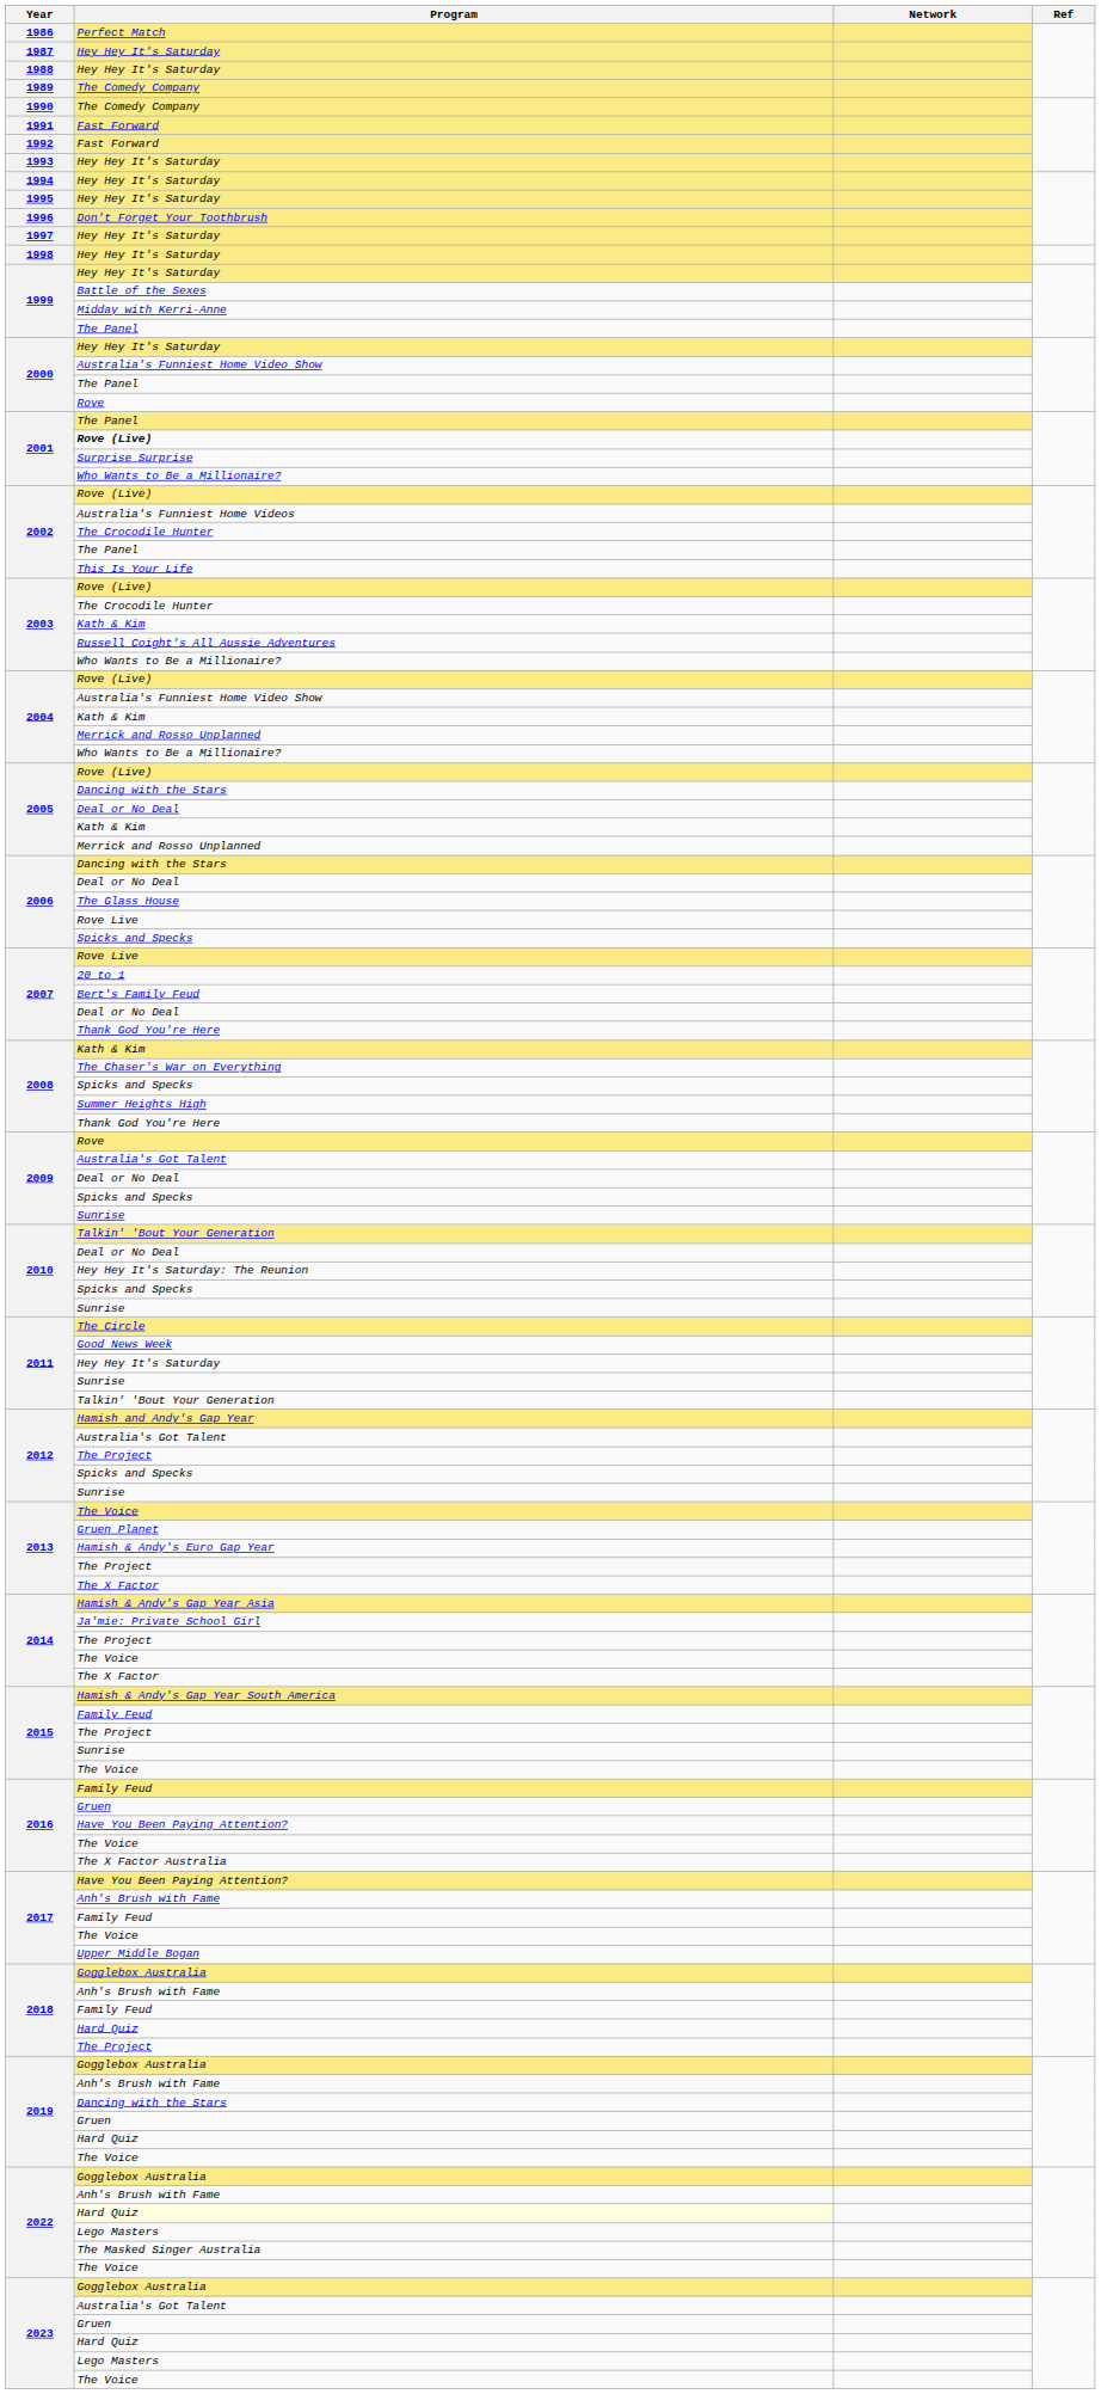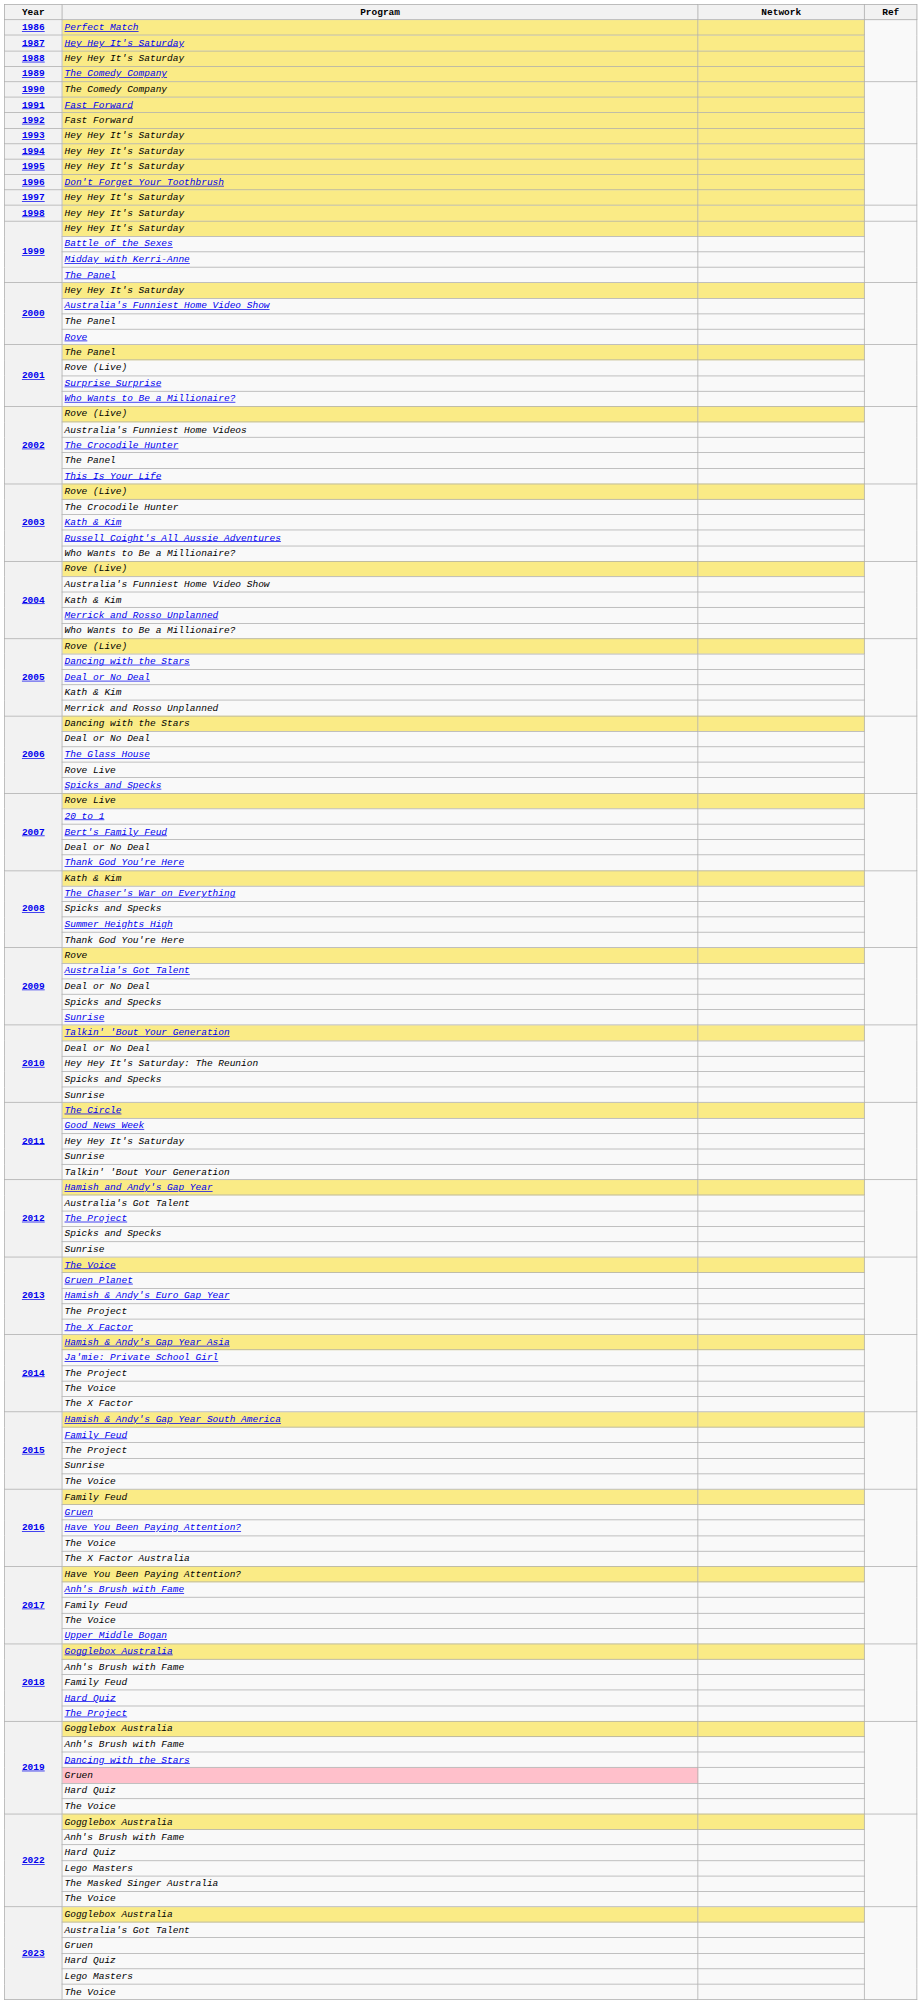 <table class="wikitable sortable">
 <tr style="background:#bebebe;">
 <th scope="col" style="width:1%;">Year</th>
 <th scope="col" style="width:16%;">Program</th>
 <th scope="col" style="width:4%;">Network</th>
 <th scope="col" style="width:1%;" class="unsortable">Ref</th>
 </tr>
 <tr>
 <th scope="row" style="text-align:center"><a href='#'>1986</a></th>
 <td style="background:#FAEB86"><em><a href='#'>Perfect Match</a></em></td>
 <td style="background:#FAEB86"></td>
 <td rowspan="4"></td>
 </tr>
 <tr>
 <th scope="row" style="text-align:center"><a href='#'>1987</a></th>
 <td style="background:#FAEB86"><em><a href='#'>Hey Hey It's Saturday</a></em></td>
 <td style="background:#FAEB86"></td>
 </tr>
 <tr>
 <th scope="row" style="text-align:center"><a href='#'>1988</a></th>
 <td style="background:#FAEB86"><em>Hey Hey It's Saturday</em></td>
 <td style="background:#FAEB86"></td>
 </tr>
 <tr>
 <th scope="row" style="text-align:center"><a href='#'>1989</a></th>
 <td style="background:#FAEB86"><em><a href='#'>The Comedy Company</a></em></td>
 <td style="background:#FAEB86"></td>
 </tr>
 <tr>
 <th scope="row" style="text-align:center"><a href='#'>1990</a></th>
 <td style="background:#FAEB86"><em>The Comedy Company</em></td>
 <td style="background:#FAEB86"></td>
 <td rowspan="4"></td>
 </tr>
 <tr>
 <th scope="row" style="text-align:center"><a href='#'>1991</a></th>
 <td style="background:#FAEB86"><em><a href='#'>Fast Forward</a></em></td>
 <td style="background:#FAEB86"></td>
 </tr>
 <tr>
 <th scope="row" style="text-align:center"><a href='#'>1992</a></th>
 <td style="background:#FAEB86"><em>Fast Forward</em></td>
 <td style="background:#FAEB86"></td>
 </tr>
 <tr>
 <th scope="row" style="text-align:center"><a href='#'>1993</a></th>
 <td style="background:#FAEB86"><em>Hey Hey It's Saturday</em></td>
 <td style="background:#FAEB86"></td>
 </tr>
 <tr>
 <th scope="row" style="text-align:center"><a href='#'>1994</a></th>
 <td style="background:#FAEB86"><em>Hey Hey It's Saturday</em></td>
 <td style="background:#FAEB86"></td>
 <td rowspan="4"></td>
 </tr>
 <tr>
 <th scope="row" style="text-align:center"><a href='#'>1995</a></th>
 <td style="background:#FAEB86"><em>Hey Hey It's Saturday</em></td>
 <td style="background:#FAEB86"></td>
 </tr>
 <tr>
 <th scope="row" style="text-align:center"><a href='#'>1996</a></th>
 <td style="background:#FAEB86"><em><a href='#'>Don't Forget Your Toothbrush</a></em></td>
 <td style="background:#FAEB86"></td>
 </tr>
 <tr>
 <th scope="row" style="text-align:center"><a href='#'>1997</a></th>
 <td style="background:#FAEB86"><em>Hey Hey It's Saturday</em></td>
 <td style="background:#FAEB86"></td>
 </tr>
 <tr>
 <th scope="row" style="text-align:center"><a href='#'>1998</a></th>
 <td style="background:#FAEB86"><em>Hey Hey It's Saturday</em></td>
 <td style="background:#FAEB86"></td>
 <td></td>
 </tr>
 <tr>
 <th scope="row" rowspan="4" style="text-align:center"><a href='#'>1999</a></th>
 <td style="background:#FAEB86"><em>Hey Hey It's Saturday</em></td>
 <td style="background:#FAEB86"></td>
 <td rowspan="4"></td>
 </tr>
 <tr>
 <td><em><a href='#'>Battle of the Sexes</a></em></td>
 <td></td>
 </tr>
 <tr>
 <td><em><a href='#'>Midday with Kerri-Anne</a></em></td>
 <td></td>
 </tr>
 <tr>
 <td><em><a href='#'>The Panel</a></em></td>
 <td></td>
 </tr>
 <tr>
 <th scope="row" rowspan="4" style="text-align:center"><a href='#'>2000</a></th>
 <td style="background:#FAEB86"><em>Hey Hey It's Saturday</em></td>
 <td style="background:#FAEB86"></td>
 <td rowspan="4"></td>
 </tr>
 <tr>
 <td><em><a href='#'>Australia's Funniest Home Video Show</a></em></td>
 <td></td>
 </tr>
 <tr>
 <td><em>The Panel</em></td>
 <td></td>
 </tr>
 <tr>
 <td><em><a href='#'>Rove</a></em></td>
 <td></td>
 </tr>
 <tr>
 <th scope="row" rowspan="4" style="text-align:center"><a href='#'>2001</a></th>
 <td style="background:#FAEB86"><em>The Panel</em></td>
 <td style="background:#FAEB86"></td>
 <td rowspan="4"></td>
 </tr>
 <tr>
-<td><strong><em>Rove (Live)</em></strong></td>
+<td><em>Rove (Live)</em></td>
 <td></td>
 </tr>
 <tr>
 <td><em><a href='#'>Surprise Surprise</a></em></td>
 <td></td>
 </tr>
 <tr>
 <td><em><a href='#'>Who Wants to Be a Millionaire?</a></em></td>
 <td></td>
 </tr>
 <tr>
 <th scope="row" rowspan="5" style="text-align:center"><a href='#'>2002</a></th>
 <td style="background:#FAEB86"><em>Rove (Live)</em></td>
 <td style="background:#FAEB86"></td>
 <td rowspan="5"></td>
 </tr>
 <tr>
 <td><em>Australia's Funniest Home Videos</em></td>
 <td></td>
 </tr>
 <tr>
 <td><em><a href='#'>The Crocodile Hunter</a></em></td>
 <td></td>
 </tr>
 <tr>
 <td><em>The Panel</em></td>
 <td></td>
 </tr>
 <tr>
 <td><em><a href='#'>This Is Your Life</a></em></td>
 <td></td>
 </tr>
 <tr>
 <th scope="row" rowspan="5" style="text-align:center"><a href='#'>2003</a></th>
 <td style="background:#FAEB86"><em>Rove (Live)</em></td>
 <td style="background:#FAEB86"></td>
 <td rowspan="5"></td>
 </tr>
 <tr>
 <td><em>The Crocodile Hunter</em></td>
 <td></td>
 </tr>
 <tr>
 <td><em><a href='#'>Kath & Kim</a></em></td>
 <td></td>
 </tr>
 <tr>
 <td><em><a href='#'>Russell Coight's All Aussie Adventures</a></em></td>
 <td></td>
 </tr>
 <tr>
 <td><em>Who Wants to Be a Millionaire?</em></td>
 <td></td>
 </tr>
 <tr>
 <th scope="row" rowspan="5" style="text-align:center"><a href='#'>2004</a></th>
 <td style="background:#FAEB86"><em>Rove (Live)</em></td>
 <td style="background:#FAEB86"></td>
 <td rowspan="5"></td>
 </tr>
 <tr>
 <td><em>Australia's Funniest Home Video Show</em></td>
 <td></td>
 </tr>
 <tr>
 <td><em>Kath & Kim</em></td>
 <td></td>
 </tr>
 <tr>
 <td><em><a href='#'>Merrick and Rosso Unplanned</a></em></td>
 <td></td>
 </tr>
 <tr>
 <td><em>Who Wants to Be a Millionaire?</em></td>
 <td></td>
 </tr>
 <tr>
 <th scope="row" rowspan="5" style="text-align:center"><a href='#'>2005</a></th>
 <td style="background:#FAEB86"><em>Rove (Live)</em></td>
 <td style="background:#FAEB86"></td>
 <td rowspan="5"></td>
 </tr>
 <tr>
 <td><em><a href='#'>Dancing with the Stars</a></em></td>
 <td></td>
 </tr>
 <tr>
 <td><em><a href='#'>Deal or No Deal</a></em></td>
 <td></td>
 </tr>
 <tr>
 <td><em>Kath & Kim</em></td>
 <td></td>
 </tr>
 <tr>
 <td><em>Merrick and Rosso Unplanned</em></td>
 <td></td>
 </tr>
 <tr>
 <th scope="row" rowspan="5" style="text-align:center"><a href='#'>2006</a></th>
 <td style="background:#FAEB86"><em>Dancing with the Stars</em></td>
 <td style="background:#FAEB86"></td>
 <td rowspan="5"></td>
 </tr>
 <tr>
 <td><em>Deal or No Deal</em></td>
 <td></td>
 </tr>
 <tr>
 <td><em><a href='#'>The Glass House</a></em></td>
 <td></td>
 </tr>
 <tr>
 <td><em>Rove Live</em></td>
 <td></td>
 </tr>
 <tr>
 <td><em><a href='#'>Spicks and Specks</a></em></td>
 <td></td>
 </tr>
 <tr>
 <th scope="row" rowspan="5" style="text-align:center"><a href='#'>2007</a></th>
 <td style="background:#FAEB86"><em>Rove Live</em></td>
 <td style="background:#FAEB86"></td>
 <td rowspan="5"></td>
 </tr>
 <tr>
 <td><em><a href='#'>20 to 1</a></em></td>
 <td></td>
 </tr>
 <tr>
 <td><em><a href='#'>Bert's Family Feud</a></em></td>
 <td></td>
 </tr>
 <tr>
 <td><em>Deal or No Deal</em></td>
 <td></td>
 </tr>
 <tr>
 <td><em><a href='#'>Thank God You're Here</a></em></td>
 <td></td>
 </tr>
 <tr>
 <th scope="row" rowspan="5" style="text-align:center"><a href='#'>2008</a></th>
 <td style="background:#FAEB86"><em>Kath & Kim </em></td>
 <td style="background:#FAEB86"></td>
 <td rowspan="5"></td>
 </tr>
 <tr>
 <td><em><a href='#'>The Chaser's War on Everything</a></em></td>
 <td></td>
 </tr>
 <tr>
 <td><em>Spicks and Specks</em></td>
 <td></td>
 </tr>
 <tr>
 <td><em><a href='#'>Summer Heights High</a></em></td>
 <td></td>
 </tr>
 <tr>
 <td><em>Thank God You're Here</em></td>
 <td></td>
 </tr>
 <tr>
 <th scope="row" rowspan="5" style="text-align:center"><a href='#'>2009</a></th>
 <td style="background:#FAEB86"><em>Rove</em></td>
 <td style="background:#FAEB86"></td>
 <td rowspan="5"></td>
 </tr>
 <tr>
 <td><em><a href='#'>Australia's Got Talent</a></em></td>
 <td></td>
 </tr>
 <tr>
 <td><em>Deal or No Deal</em></td>
 <td></td>
 </tr>
 <tr>
 <td><em>Spicks and Specks</em></td>
 <td></td>
 </tr>
 <tr>
 <td><em><a href='#'>Sunrise</a></em></td>
 <td></td>
 </tr>
 <tr>
 <th scope="row" rowspan="5" style="text-align:center"><a href='#'>2010</a></th>
 <td style="background:#FAEB86"><em><a href='#'>Talkin' 'Bout Your Generation</a></em></td>
 <td style="background:#FAEB86"></td>
 <td rowspan="5"></td>
 </tr>
 <tr>
 <td><em>Deal or No Deal</em></td>
 <td></td>
 </tr>
 <tr>
 <td><em>Hey Hey It's Saturday: The Reunion</em></td>
 <td></td>
 </tr>
 <tr>
 <td><em>Spicks and Specks</em></td>
 <td></td>
 </tr>
 <tr>
 <td><em>Sunrise</em></td>
 <td></td>
 </tr>
 <tr>
 <th scope="row" rowspan="5" style="text-align:center"><a href='#'>2011</a></th>
 <td style="background:#FAEB86"><em><a href='#'>The Circle</a></em></td>
 <td style="background:#FAEB86"></td>
 <td rowspan="5"></td>
 </tr>
 <tr>
 <td><em><a href='#'>Good News Week</a></em></td>
 <td></td>
 </tr>
 <tr>
 <td><em>Hey Hey It's Saturday</em></td>
 <td></td>
 </tr>
 <tr>
 <td><em>Sunrise</em></td>
 <td></td>
 </tr>
 <tr>
 <td><em>Talkin' 'Bout Your Generation</em></td>
 <td></td>
 </tr>
 <tr>
 <th scope="row" rowspan="5" style="text-align:center"><a href='#'>2012</a></th>
 <td style="background:#FAEB86"><em><a href='#'>Hamish and Andy's Gap Year</a></em></td>
 <td style="background:#FAEB86"></td>
 <td rowspan="5"></td>
 </tr>
 <tr>
 <td><em>Australia's Got Talent</em></td>
 <td></td>
 </tr>
 <tr>
 <td><em><a href='#'>The Project</a></em></td>
 <td></td>
 </tr>
 <tr>
 <td><em>Spicks and Specks</em></td>
 <td></td>
 </tr>
 <tr>
 <td><em>Sunrise</em></td>
 <td></td>
 </tr>
 <tr>
 <th scope="row" rowspan="5" style="text-align:center"><a href='#'>2013</a></th>
 <td style="background:#FAEB86"><em><a href='#'>The Voice</a></em></td>
 <td style="background:#FAEB86"></td>
 <td rowspan="5"></td>
 </tr>
 <tr>
 <td><em><a href='#'>Gruen Planet</a></em></td>
 <td></td>
 </tr>
 <tr>
 <td><em><a href='#'>Hamish & Andy's Euro Gap Year</a></em></td>
 <td></td>
 </tr>
 <tr>
 <td><em>The Project</em></td>
 <td></td>
 </tr>
 <tr>
 <td><em><a href='#'>The X Factor</a></em></td>
 <td></td>
 </tr>
 <tr>
 <th scope="row" rowspan="5" style="text-align:center"><a href='#'>2014</a></th>
 <td style="background:#FAEB86"><em><a href='#'>Hamish & Andy's Gap Year Asia</a></em></td>
 <td style="background:#FAEB86"></td>
 <td rowspan="5"></td>
 </tr>
 <tr>
 <td><em><a href='#'>Ja'mie: Private School Girl</a></em></td>
 <td></td>
 </tr>
 <tr>
 <td><em>The Project</em></td>
 <td></td>
 </tr>
 <tr>
 <td><em>The Voice</em></td>
 <td></td>
 </tr>
 <tr>
 <td><em>The X Factor</em></td>
 <td></td>
 </tr>
 <tr>
 <th scope="row" rowspan="5" style="text-align:center"><a href='#'>2015</a></th>
 <td style="background:#FAEB86"><em><a href='#'>Hamish & Andy's Gap Year South America</a></em></td>
 <td style="background:#FAEB86"></td>
 <td rowspan="5"></td>
 </tr>
 <tr>
 <td><em><a href='#'>Family Feud</a></em></td>
 <td></td>
 </tr>
 <tr>
 <td><em>The Project</em></td>
 <td></td>
 </tr>
 <tr>
 <td><em>Sunrise</em></td>
 <td></td>
 </tr>
 <tr>
 <td><em>The Voice</em></td>
 <td></td>
 </tr>
 <tr>
 <th scope="row" rowspan="5" style="text-align:center"><a href='#'>2016</a></th>
 <td style="background:#FAEB86"><em>Family Feud</em></td>
 <td style="background:#FAEB86"></td>
 <td rowspan="5"></td>
 </tr>
 <tr>
 <td><em><a href='#'>Gruen</a></em></td>
 <td></td>
 </tr>
 <tr>
 <td><em><a href='#'>Have You Been Paying Attention?</a></em></td>
 <td></td>
 </tr>
 <tr>
 <td><em>The Voice</em></td>
 <td></td>
 </tr>
 <tr>
 <td><em>The X Factor Australia</em></td>
 <td></td>
 </tr>
 <tr>
 <th scope="row" rowspan="5" style="text-align:center"><a href='#'>2017</a></th>
 <td style="background:#FAEB86"><em>Have You Been Paying Attention?</em></td>
 <td style="background:#FAEB86"></td>
 <td rowspan="5"></td>
 </tr>
 <tr>
 <td><em><a href='#'>Anh's Brush with Fame</a></em></td>
 <td></td>
 </tr>
 <tr>
 <td><em>Family Feud</em></td>
 <td></td>
 </tr>
 <tr>
 <td><em>The Voice</em></td>
 <td></td>
 </tr>
 <tr>
 <td><em><a href='#'>Upper Middle Bogan</a></em></td>
 <td></td>
 </tr>
 <tr>
 <th scope="row" rowspan="5" style="text-align:center"><a href='#'>2018</a></th>
 <td style="background:#FAEB86"><em><a href='#'>Gogglebox Australia</a></em></td>
 <td style="background:#FAEB86"></td>
 <td rowspan="5"></td>
 </tr>
 <tr>
 <td><em>Anh's Brush with Fame</em></td>
 <td></td>
 </tr>
 <tr>
 <td><em>Family Feud</em></td>
 <td></td>
 </tr>
 <tr>
 <td><em><a href='#'>Hard Quiz</a></em></td>
 <td></td>
 </tr>
 <tr>
 <td><em><a href='#'>The Project</a></em></td>
 <td></td>
 </tr>
 <tr>
 <th scope="row" rowspan="6" style="text-align:center"><a href='#'>2019</a></th>
 <td style="background:#FAEB86"><em>Gogglebox Australia</em></td>
 <td style="background:#FAEB86"></td>
 <td rowspan="6"></td>
 </tr>
 <tr>
 <td><em>Anh's Brush with Fame</em></td>
 <td></td>
 </tr>
 <tr>
 <td><em><a href='#'>Dancing with the Stars</a></em></td>
 <td></td>
 </tr>
 <tr>
-<td><em>Gruen</em></td>
+<td style="background: pink;"><em>Gruen</em></td>
 <td></td>
 </tr>
 <tr>
 <td><em>Hard Quiz</em></td>
 <td></td>
 </tr>
 <tr>
 <td><em>The Voice</em></td>
 <td></td>
 </tr>
 <tr>
 <th scope="row" rowspan="6" style="text-align:center"><a href='#'>2022</a></th>
 <td style="background:#FAEB86"><em>Gogglebox Australia</em></td>
 <td style="background:#FAEB86"></td>
 <td rowspan="6"></td>
 </tr>
 <tr>
 <td><em>Anh's Brush with Fame</em></td>
 <td></td>
 </tr>
 <tr>
-<td style="background: lightyellow;"><em>Hard Quiz</em></td>
+<td><em>Hard Quiz</em></td>
 <td></td>
 </tr>
 <tr>
 <td><em>Lego Masters</em></td>
 <td></td>
 </tr>
 <tr>
 <td><em>The Masked Singer Australia</em></td>
 <td></td>
 </tr>
 <tr>
 <td><em>The Voice</em></td>
 <td></td>
 </tr>
 <tr>
 <th rowspan="6"><a href='#'>2023</a></th>
 <td style="background:#FAEB86"><em>Gogglebox Australia</em></td>
 <td style="background:#FAEB86"></td>
 <td rowspan="6"></td>
 </tr>
 <tr>
 <td><em>Australia's Got Talent</em></td>
 <td></td>
 </tr>
 <tr>
 <td><em>Gruen</em></td>
 <td></td>
 </tr>
 <tr>
 <td><em>Hard Quiz</em></td>
 <td></td>
 </tr>
 <tr>
 <td><em>Lego Masters</em></td>
 <td></td>
 </tr>
 <tr>
 <td><em>The Voice</em></td>
 <td></td>
 </tr>
 </table>
